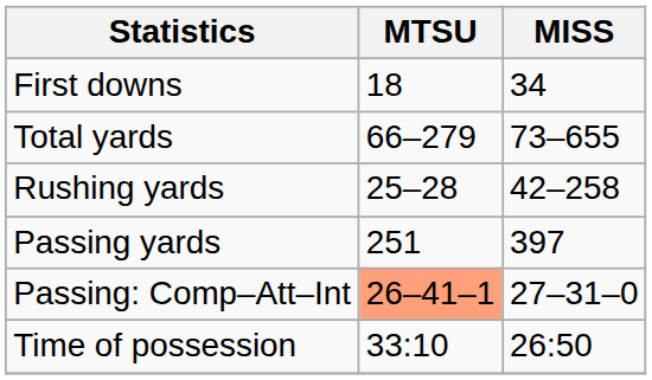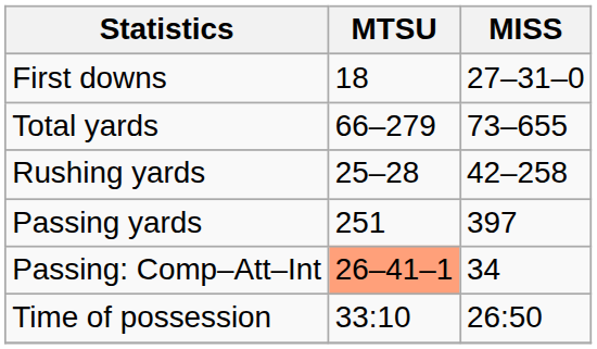 <table class="wikitable" style="float: left;">
 <tr>
 <th>Statistics</th>
 <th>MTSU</th>
 <th>MISS</th>
 </tr>
 <tr>
 <td>First downs</td>
 <td>18</td>
-<td>34</td>
+<td>27–31–0</td>
 </tr>
 <tr>
 <td>Total yards</td>
 <td>66–279</td>
 <td>73–655</td>
 </tr>
 <tr>
 <td>Rushing yards</td>
 <td>25–28</td>
 <td>42–258</td>
 </tr>
 <tr>
 <td>Passing yards</td>
 <td>251</td>
 <td>397</td>
 </tr>
 <tr>
 <td>Passing: Comp–Att–Int</td>
 <td style="background: lightsalmon;">26–41–1</td>
-<td>27–31–0</td>
+<td>34</td>
 </tr>
 <tr>
 <td>Time of possession</td>
 <td>33:10</td>
 <td>26:50</td>
 </tr>
 <tr>
 </tr>
 </table>
